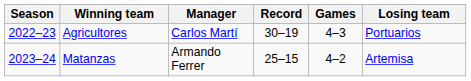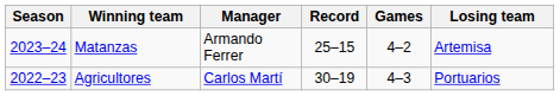 <table class="wikitable sortable">
 <tr>
 <th width="80">Season</th>
 <th width="220">Winning team</th>
 <th width="170">Manager</th>
 <th width="80">Record</th>
 <th width="80">Games</th>
 <th width="220">Losing team</th>
 </tr>
 <tr>
+<td align="center"><a href='#'>2023–24</a></td>
+<td><a href='#'>Matanzas</a> </td>
+<td>Armando Ferrer</td>
+<td align="center">25–15</td>
+<td align="center">4–2</td>
+<td><a href='#'>Artemisa</a></td>
+</tr>
+<tr>
 <td align="center"><a href='#'>2022–23</a></td>
 <td><a href='#'>Agricultores</a><br></td>
 <td><a href='#'>Carlos Martí</a></td>
 <td align="center">30–19</td>
 <td align="center">4–3</td>
 <td><a href='#'>Portuarios</a><br></td>
 </tr>
-<tr>
-<td align="center"><a href='#'>2023–24</a></td>
-<td><a href='#'>Matanzas</a> </td>
-<td>Armando Ferrer</td>
-<td align="center">25–15</td>
-<td align="center">4–2</td>
-<td><a href='#'>Artemisa</a></td>
-</tr>
 </table>
